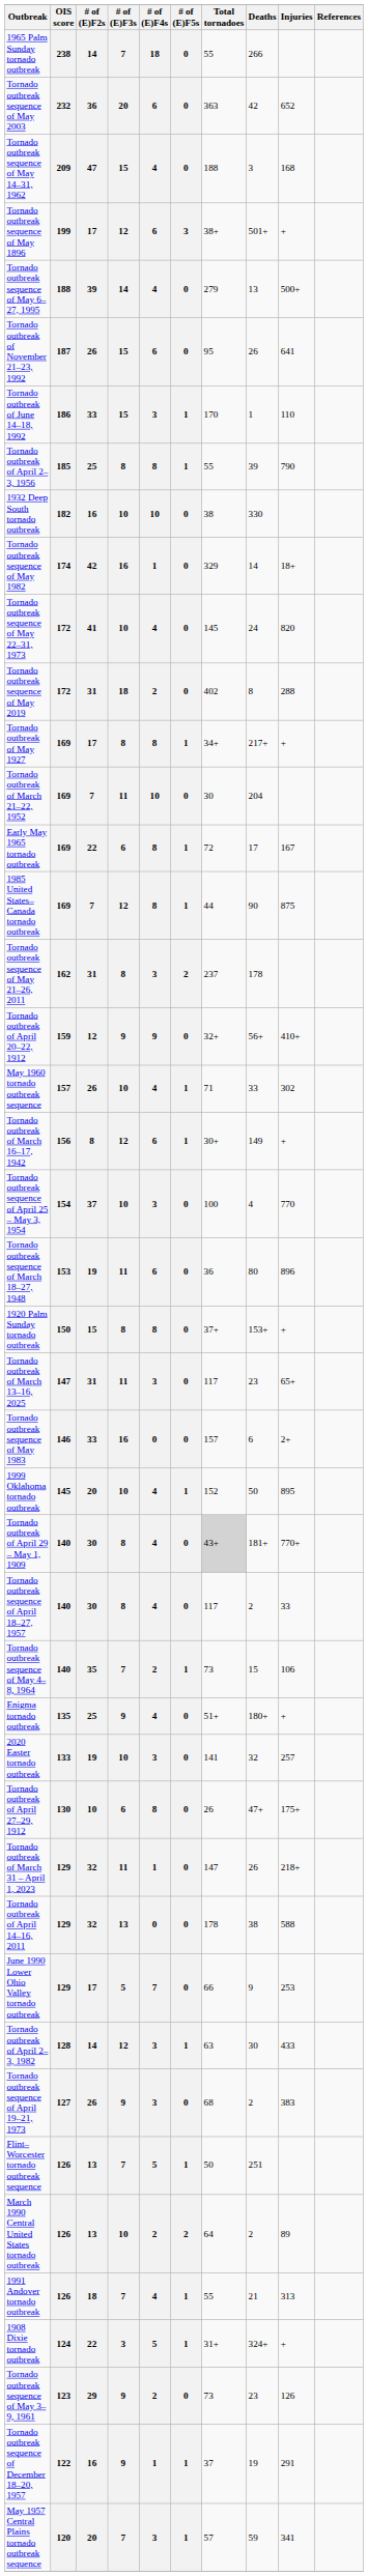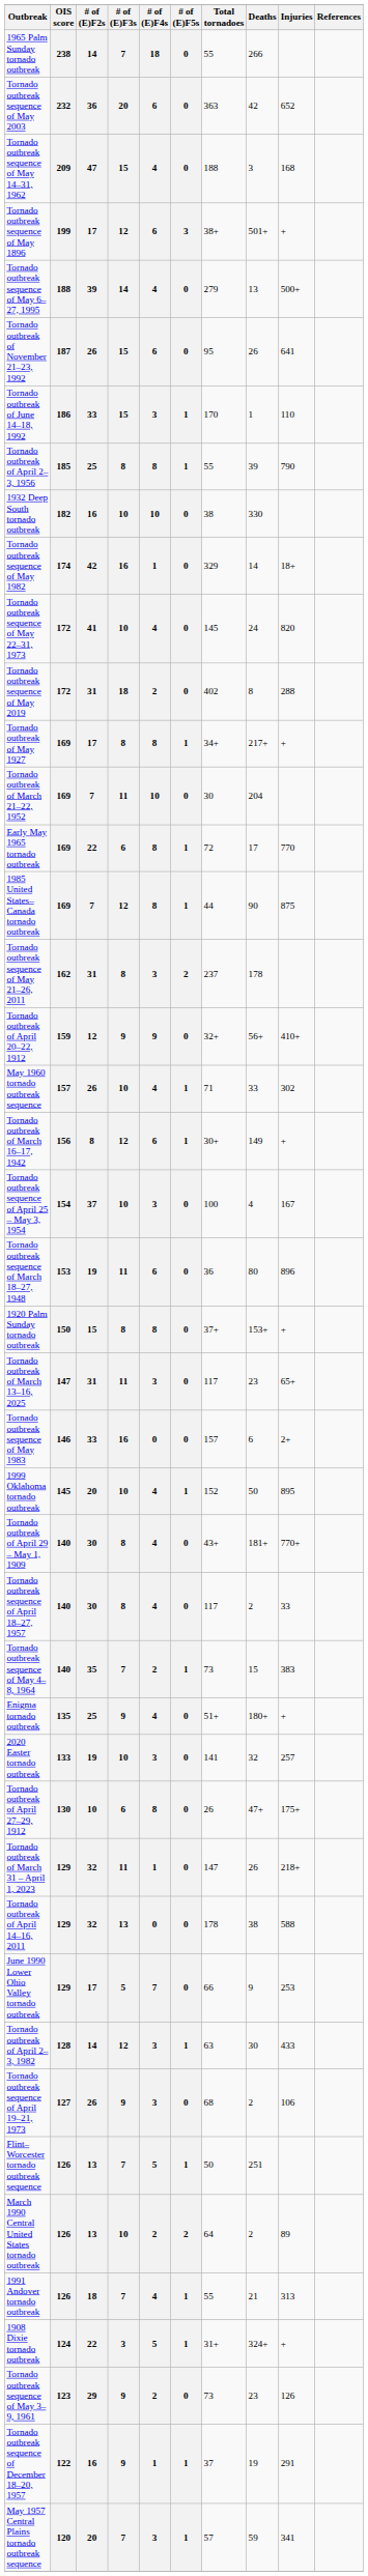 <table class="wikitable sortable">
 <tr>
 </tr>
 <tr>
 <th>Outbreak</th>
 <th>OIS score</th>
 <th># of (E)F2s</th>
 <th># of (E)F3s</th>
 <th># of (E)F4s</th>
 <th># of (E)F5s</th>
 <th>Total tornadoes</th>
 <th>Deaths</th>
 <th>Injuries</th>
 <th>References</th>
 </tr>
 <tr>
 <td data-sort-value="1965-04-11"><a href='#'>1965 Palm Sunday tornado outbreak</a></td>
 <th scope="row">238</th>
 <th scope="row" style="background-color:#">14</th>
 <th scope="row" style="background-color:#">7</th>
 <th scope="row" style="background-color:#">18</th>
 <th scope="row" style="background-color:#">0</th>
 <td>55</td>
 <td>266</td>
 <td></td>
 <td></td>
 </tr>
 <tr>
 <td data-sort-value="2003-05-03"><a href='#'>Tornado outbreak sequence of May 2003</a></td>
 <th scope="row">232</th>
 <th scope="row" style="background-color:#">36</th>
 <th scope="row" style="background-color:#">20</th>
 <th scope="row" style="background-color:#">6</th>
 <th scope="row" style="background-color:#">0</th>
 <td>363</td>
 <td>42</td>
 <td>652</td>
 <td></td>
 </tr>
 <tr>
 <td data-sort-value="1962-05-14"><a href='#'>Tornado outbreak sequence of May 14–31, 1962</a></td>
 <th scope="row">209</th>
 <th scope="row" style="background-color:#">47</th>
 <th scope="row" style="background-color:#">15</th>
 <th scope="row" style="background-color:#">4</th>
 <th scope="row" style="background-color:#">0</th>
 <td>188</td>
 <td>3</td>
 <td>168</td>
 <td></td>
 </tr>
 <tr>
 <td data-sort-value="1896-05-15"><a href='#'>Tornado outbreak sequence of May 1896</a></td>
 <th scope="row">199</th>
 <th scope="row" style="background-color:#">17</th>
 <th scope="row" style="background-color:#">12</th>
 <th scope="row" style="background-color:#">6</th>
 <th scope="row" style="background-color:#">3</th>
 <td>38+</td>
 <td>501+</td>
 <td>+</td>
 <td></td>
 </tr>
 <tr>
 <td data-sort-value="1995-05-06"><a href='#'>Tornado outbreak sequence of May 6–27, 1995</a></td>
 <th scope="row">188</th>
 <th scope="row" style="background-color:#">39</th>
 <th scope="row" style="background-color:#">14</th>
 <th scope="row" style="background-color:#">4</th>
 <th scope="row" style="background-color:#">0</th>
 <td>279</td>
 <td>13</td>
 <td>500+</td>
 <td></td>
 </tr>
 <tr>
 <td data-sort-value="1992-11-21"><a href='#'>Tornado outbreak of November 21–23, 1992</a></td>
 <th scope="row">187</th>
 <th scope="row" style="background-color:#">26</th>
 <th scope="row" style="background-color:#">15</th>
 <th scope="row" style="background-color:#">6</th>
 <th scope="row" style="background-color:#">0</th>
 <td>95</td>
 <td>26</td>
 <td>641</td>
 <td></td>
 </tr>
 <tr>
 <td data-sort-value="1992-06-14"><a href='#'>Tornado outbreak of June 14–18, 1992</a></td>
 <th scope="row">186</th>
 <th scope="row" style="background-color:#">33</th>
 <th scope="row" style="background-color:#">15</th>
 <th scope="row" style="background-color:#">3</th>
 <th scope="row" style="background-color:#">1</th>
 <td>170</td>
 <td>1</td>
 <td>110</td>
 <td></td>
 </tr>
 <tr>
 <td data-sort-value="1956-04-02"><a href='#'>Tornado outbreak of April 2–3, 1956</a></td>
 <th scope="row">185</th>
 <th scope="row" style="background-color:#">25</th>
 <th scope="row" style="background-color:#">8</th>
 <th scope="row" style="background-color:#">8</th>
 <th scope="row" style="background-color:#">1</th>
 <td>55</td>
 <td>39</td>
 <td>790</td>
 <td></td>
 </tr>
 <tr>
 <td data-sort-value="1932-03-21"><a href='#'>1932 Deep South tornado outbreak</a></td>
 <th scope="row">182</th>
 <th scope="row" style="background-color:#">16</th>
 <th scope="row" style="background-color:#">10</th>
 <th scope="row" style="background-color:#">10</th>
 <th scope="row" style="background-color:#">0</th>
 <td>38</td>
 <td>330</td>
 <td></td>
 <td></td>
 </tr>
 <tr>
 <td data-sort-value="1982-05-09"><a href='#'>Tornado outbreak sequence of May 1982</a></td>
 <th scope="row">174</th>
 <th scope="row" style="background-color:#">42</th>
 <th scope="row" style="background-color:#">16</th>
 <th scope="row" style="background-color:#">1</th>
 <th scope="row" style="background-color:#">0</th>
 <td>329</td>
 <td>14</td>
 <td>18+</td>
 <td></td>
 </tr>
 <tr>
 <td data-sort-value="1973-05-22"><a href='#'>Tornado outbreak sequence of May 22–31, 1973</a></td>
 <th scope="row">172</th>
 <th scope="row" style="background-color:#">41</th>
 <th scope="row" style="background-color:#">10</th>
 <th scope="row" style="background-color:#">4</th>
 <th scope="row" style="background-color:#">0</th>
 <td>145</td>
 <td>24</td>
 <td>820</td>
 <td></td>
 </tr>
 <tr>
 <td data-sort-value="2019-05-17"><a href='#'>Tornado outbreak sequence of May 2019</a></td>
 <th scope="row">172</th>
 <th scope="row" style="background-color:#">31</th>
 <th scope="row" style="background-color:#">18</th>
 <th scope="row" style="background-color:#">2</th>
 <th scope="row" style="background-color:#">0</th>
 <td>402</td>
 <td>8</td>
 <td>288</td>
 <td></td>
 </tr>
 <tr>
 <td data-sort-value="1927-05-07"><a href='#'>Tornado outbreak of May 1927</a></td>
 <th scope="row">169</th>
 <th scope="row" style="background-color:#">17</th>
 <th scope="row" style="background-color:#">8</th>
 <th scope="row" style="background-color:#">8</th>
 <th scope="row" style="background-color:#">1</th>
 <td>34+</td>
 <td>217+</td>
 <td>+</td>
 <td></td>
 </tr>
 <tr>
 <td data-sort-value="1952-03-21"><a href='#'>Tornado outbreak of March 21–22, 1952</a></td>
 <th scope="row">169</th>
 <th scope="row" style="background-color:#">7</th>
 <th scope="row" style="background-color:#">11</th>
 <th scope="row" style="background-color:#">10</th>
 <th scope="row" style="background-color:#">0</th>
 <td>30</td>
 <td>204</td>
 <td></td>
 <td></td>
 </tr>
 <tr>
 <td data-sort-value="1965-05-05"><a href='#'>Early May 1965 tornado outbreak</a></td>
 <th scope="row">169</th>
 <th scope="row" style="background-color:#">22</th>
 <th scope="row" style="background-color:#">6</th>
 <th scope="row" style="background-color:#">8</th>
 <th scope="row" style="background-color:#">1</th>
 <td>72</td>
 <td>17</td>
-<td>167</td>
+<td>770</td>
 <td></td>
 </tr>
 <tr>
 <td data-sort-value="1985-05-31"><a href='#'>1985 United States–Canada tornado outbreak</a></td>
 <th scope="row">169</th>
 <th scope="row" style="background-color:#">7</th>
 <th scope="row" style="background-color:#">12</th>
 <th scope="row" style="background-color:#">8</th>
 <th scope="row" style="background-color:#">1</th>
 <td>44</td>
 <td>90</td>
 <td>875</td>
 <td></td>
 </tr>
 <tr>
 <td data-sort-value="2011-05-21"><a href='#'>Tornado outbreak sequence of May 21–26, 2011</a></td>
 <th scope="row">162</th>
 <th scope="row" style="background-color:#">31</th>
 <th scope="row" style="background-color:#">8</th>
 <th scope="row" style="background-color:#">3</th>
 <th scope="row" style="background-color:#">2</th>
 <td>237</td>
 <td>178</td>
 <td></td>
 <td></td>
 </tr>
 <tr>
 <td data-sort-value="1912-04-20"><a href='#'>Tornado outbreak of April 20–22, 1912</a></td>
 <th scope="row">159</th>
 <th scope="row" style="background-color:#">12</th>
 <th scope="row" style="background-color:#">9</th>
 <th scope="row" style="background-color:#">9</th>
 <th scope="row" style="background-color:#">0</th>
 <td>32+</td>
 <td>56+</td>
 <td>410+</td>
 <td></td>
 </tr>
 <tr>
 <td data-sort-value="1960-05-04"><a href='#'>May 1960 tornado outbreak sequence</a></td>
 <th scope="row">157</th>
 <th scope="row" style="background-color:#">26</th>
 <th scope="row" style="background-color:#">10</th>
 <th scope="row" style="background-color:#">4</th>
 <th scope="row" style="background-color:#">1</th>
 <td>71</td>
 <td>33</td>
 <td>302</td>
 <td></td>
 </tr>
 <tr>
 <td data-sort-value="1942-03-16"><a href='#'>Tornado outbreak of March 16–17, 1942</a></td>
 <th scope="row">156</th>
 <th scope="row" style="background-color:#">8</th>
 <th scope="row" style="background-color:#">12</th>
 <th scope="row" style="background-color:#">6</th>
 <th scope="row" style="background-color:#">1</th>
 <td>30+</td>
 <td>149</td>
 <td>+</td>
 <td></td>
 </tr>
 <tr>
 <td data-sort-value="1954-04-25"><a href='#'>Tornado outbreak sequence of April 25 – May 3, 1954</a></td>
 <th scope="row">154</th>
 <th scope="row" style="background-color:#">37</th>
 <th scope="row" style="background-color:#">10</th>
 <th scope="row" style="background-color:#">3</th>
 <th scope="row" style="background-color:#">0</th>
 <td>100</td>
 <td>4</td>
-<td>770</td>
+<td>167</td>
 <td></td>
 </tr>
 <tr>
 <td data-sort-value="1948-03-18"><a href='#'>Tornado outbreak sequence of March 18–27, 1948</a></td>
 <th scope="row">153</th>
 <th scope="row" style="background-color:#">19</th>
 <th scope="row" style="background-color:#">11</th>
 <th scope="row" style="background-color:#">6</th>
 <th scope="row" style="background-color:#">0</th>
 <td>36</td>
 <td>80</td>
 <td>896</td>
 <td></td>
 </tr>
 <tr>
 <td data-sort-value="1920-03-28"><a href='#'>1920 Palm Sunday tornado outbreak</a></td>
 <th scope="row">150</th>
 <th scope="row" style="background-color:#">15</th>
 <th scope="row" style="background-color:#">8</th>
 <th scope="row" style="background-color:#">8</th>
 <th scope="row" style="background-color:#">0</th>
 <td>37+</td>
 <td>153+</td>
 <td>+</td>
 <td></td>
 </tr>
 <tr>
 <td data-sort-value="2025-03-13"><a href='#'>Tornado outbreak of March 13–16, 2025</a></td>
 <th scope="row">147</th>
 <th scope="row" style="background-color:#">31</th>
 <th scope="row" style="background-color:#">11</th>
 <th scope="row" style="background-color:#">3</th>
 <th scope="row" style="background-color:#">0</th>
 <td>117</td>
 <td>23</td>
 <td>65+</td>
 <td></td>
 </tr>
 <tr>
 <td data-sort-value="1983-05-12"><a href='#'>Tornado outbreak sequence of May 1983</a></td>
 <th scope="row">146</th>
 <th scope="row" style="background-color:#">33</th>
 <th scope="row" style="background-color:#">16</th>
 <th scope="row" style="background-color:#">0</th>
 <th scope="row" style="background-color:#">0</th>
 <td>157</td>
 <td>6</td>
 <td>2+</td>
 <td></td>
 </tr>
 <tr>
 <td data-sort-value="1999-05-02"><a href='#'>1999 Oklahoma tornado outbreak</a></td>
 <th scope="row">145</th>
 <th scope="row" style="background-color:#">20</th>
 <th scope="row" style="background-color:#">10</th>
 <th scope="row" style="background-color:#">4</th>
 <th scope="row" style="background-color:#">1</th>
 <td>152</td>
 <td>50</td>
 <td>895</td>
 <td></td>
 </tr>
 <tr>
 <td data-sort-value="1909-04-29"><a href='#'>Tornado outbreak of April 29 – May 1, 1909</a></td>
 <th scope="row">140</th>
 <th scope="row" style="background-color:#">30</th>
 <th scope="row" style="background-color:#">8</th>
 <th scope="row" style="background-color:#">4</th>
 <th scope="row" style="background-color:#">0</th>
-<td style="background: lightgrey;">43+</td>
+<td>43+</td>
 <td>181+</td>
 <td>770+</td>
 <td></td>
 </tr>
 <tr>
 <td data-sort-value="1957-04-18"><a href='#'>Tornado outbreak sequence of April 18–27, 1957</a></td>
 <th scope="row">140</th>
 <th scope="row" style="background-color:#">30</th>
 <th scope="row" style="background-color:#">8</th>
 <th scope="row" style="background-color:#">4</th>
 <th scope="row" style="background-color:#">0</th>
 <td>117</td>
 <td>2</td>
 <td>33</td>
 <td></td>
 </tr>
 <tr>
 <td data-sort-value="1964-05-04"><a href='#'>Tornado outbreak sequence of May 4–8, 1964</a></td>
 <th scope="row">140</th>
 <th scope="row" style="background-color:#">35</th>
 <th scope="row" style="background-color:#">7</th>
 <th scope="row" style="background-color:#">2</th>
 <th scope="row" style="background-color:#">1</th>
 <td>73</td>
 <td>15</td>
-<td>106</td>
+<td>383</td>
 <td></td>
 </tr>
 <tr>
 <td data-sort-value="1884-02-19"><a href='#'>Enigma tornado outbreak</a></td>
 <th scope="row">135</th>
 <th scope="row" style="background-color:#">25</th>
 <th scope="row" style="background-color:#">9</th>
 <th scope="row" style="background-color:#">4</th>
 <th scope="row" style="background-color:#">0</th>
 <td>51+</td>
 <td>180+</td>
 <td>+</td>
 <td></td>
 </tr>
 <tr>
 <td data-sort-value="2020-04-12"><a href='#'>2020 Easter tornado outbreak</a></td>
 <th scope="row">133</th>
 <th scope="row" style="background-color:#">19</th>
 <th scope="row" style="background-color:#">10</th>
 <th scope="row" style="background-color:#">3</th>
 <th scope="row" style="background-color:#">0</th>
 <td>141</td>
 <td>32</td>
 <td>257</td>
 <td></td>
 </tr>
 <tr>
 <td data-sort-value="1912-04-27"><a href='#'>Tornado outbreak of April 27–29, 1912</a></td>
 <th scope="row">130</th>
 <th scope="row" style="background-color:#">10</th>
 <th scope="row" style="background-color:#">6</th>
 <th scope="row" style="background-color:#">8</th>
 <th scope="row" style="background-color:#">0</th>
 <td>26</td>
 <td>47+</td>
 <td>175+</td>
 <td></td>
 </tr>
 <tr>
 <td data-sort-value="2023-03-31"><a href='#'>Tornado outbreak of March 31 – April 1, 2023</a></td>
 <th scope="row">129</th>
 <th scope="row" style="background-color:#">32</th>
 <th scope="row" style="background-color:#">11</th>
 <th scope="row" style="background-color:#">1</th>
 <th scope="row" style="background-color:#">0</th>
 <td>147</td>
 <td>26</td>
 <td>218+</td>
 <td></td>
 </tr>
 <tr>
 <td data-sort-value="2011-04-16"><a href='#'>Tornado outbreak of April 14–16, 2011</a></td>
 <th scope="row">129</th>
 <th scope="row" style="background-color:#">32</th>
 <th scope="row" style="background-color:#">13</th>
 <th scope="row" style="background-color:#">0</th>
 <th scope="row" style="background-color:#">0</th>
 <td>178</td>
 <td>38</td>
 <td>588</td>
 <td></td>
 </tr>
 <tr>
 <td data-sort-value="1990-06-02"><a href='#'>June 1990 Lower Ohio Valley tornado outbreak</a></td>
 <th scope="row">129</th>
 <th scope="row" style="background-color:#">17</th>
 <th scope="row" style="background-color:#">5</th>
 <th scope="row" style="background-color:#">7</th>
 <th scope="row" style="background-color:#">0</th>
 <td>66</td>
 <td>9</td>
 <td>253</td>
 <td></td>
 </tr>
 <tr>
 <td data-sort-value="1982-04-02"><a href='#'>Tornado outbreak of April 2–3, 1982</a></td>
 <th scope="row">128</th>
 <th scope="row" style="background-color:#">14</th>
 <th scope="row" style="background-color:#">12</th>
 <th scope="row" style="background-color:#">3</th>
 <th scope="row" style="background-color:#">1</th>
 <td>63</td>
 <td>30</td>
 <td>433</td>
 <td></td>
 </tr>
 <tr>
 <td data-sort-value="1973-04-19"><a href='#'>Tornado outbreak sequence of April 19–21, 1973</a></td>
 <th scope="row">127</th>
 <th scope="row" style="background-color:#">26</th>
 <th scope="row" style="background-color:#">9</th>
 <th scope="row" style="background-color:#">3</th>
 <th scope="row" style="background-color:#">0</th>
 <td>68</td>
 <td>2</td>
-<td>383</td>
+<td>106</td>
 <td></td>
 </tr>
 <tr>
 <td data-sort-value="1953-06-07"><a href='#'>Flint–Worcester tornado outbreak sequence</a></td>
 <th scope="row">126</th>
 <th scope="row" style="background-color:#">13</th>
 <th scope="row" style="background-color:#">7</th>
 <th scope="row" style="background-color:#">5</th>
 <th scope="row" style="background-color:#">1</th>
 <td>50</td>
 <td>251</td>
 <td></td>
 <td></td>
 </tr>
 <tr>
 <td data-sort-value="1990-03-11"><a href='#'>March 1990 Central United States tornado outbreak</a></td>
 <th scope="row">126</th>
 <th scope="row" style="background-color:#">13</th>
 <th scope="row" style="background-color:#">10</th>
 <th scope="row" style="background-color:#">2</th>
 <th scope="row" style="background-color:#">2</th>
 <td>64</td>
 <td>2</td>
 <td>89</td>
 <td></td>
 </tr>
 <tr>
 <td data-sort-value="1991-04-26"><a href='#'>1991 Andover tornado outbreak</a></td>
 <th scope="row">126</th>
 <th scope="row" style="background-color:#">18</th>
 <th scope="row" style="background-color:#">7</th>
 <th scope="row" style="background-color:#">4</th>
 <th scope="row" style="background-color:#">1</th>
 <td>55</td>
 <td>21</td>
 <td>313</td>
 <td></td>
 </tr>
 <tr>
 <td data-sort-value="1908-04-23"><a href='#'>1908 Dixie tornado outbreak</a></td>
 <th scope="row">124</th>
 <th scope="row" style="background-color:#">22</th>
 <th scope="row" style="background-color:#">3</th>
 <th scope="row" style="background-color:#">5</th>
 <th scope="row" style="background-color:#">1</th>
 <td>31+</td>
 <td>324+</td>
 <td>+</td>
 <td></td>
 </tr>
 <tr>
 <td data-sort-value="1961-05-03"><a href='#'>Tornado outbreak sequence of May 3–9, 1961</a></td>
 <th scope="row">123</th>
 <th scope="row" style="background-color:#">29</th>
 <th scope="row" style="background-color:#">9</th>
 <th scope="row" style="background-color:#">2</th>
 <th scope="row" style="background-color:#">0</th>
 <td>73</td>
 <td>23</td>
 <td>126</td>
 <td></td>
 </tr>
 <tr>
 <td data-sort-value="1957-12-18"><a href='#'>Tornado outbreak sequence of December 18–20, 1957</a></td>
 <th scope="row">122</th>
 <th scope="row" style="background-color:#">16</th>
 <th scope="row" style="background-color:#">9</th>
 <th scope="row" style="background-color:#">1</th>
 <th scope="row" style="background-color:#">1</th>
 <td>37</td>
 <td>19</td>
 <td>291</td>
 <td></td>
 </tr>
 <tr>
 <td data-sort-value="1957-05-19"><a href='#'>May 1957 Central Plains tornado outbreak sequence</a></td>
 <th scope="row">120</th>
 <th scope="row" style="background-color:#">20</th>
 <th scope="row" style="background-color:#">7</th>
 <th scope="row" style="background-color:#">3</th>
 <th scope="row" style="background-color:#">1</th>
 <td>57</td>
 <td>59</td>
 <td>341</td>
 <td></td>
 </tr>
 <tr>
 </tr>
 </table>
